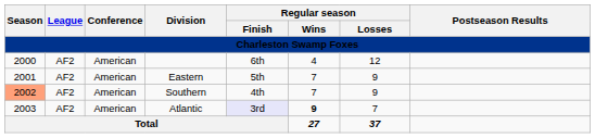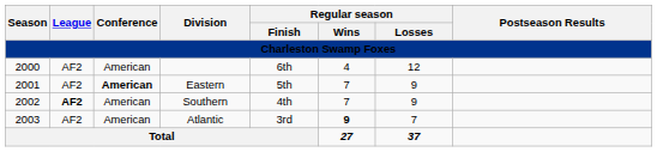 <table class="wikitable" style="font-size: 95%; width:70%;">
 <tr>
 <th rowspan="2" style="width:5%;">Season</th>
 <th rowspan="2" style="width:5%;"><a href='#'>League</a></th>
 <th rowspan="2" style="width:5%;">Conference</th>
 <th rowspan="2">Division</th>
 <th colspan="3">Regular season</th>
 <th rowspan="2">Postseason Results</th>
 </tr>
 <tr>
 <th>Finish</th>
 <th>Wins</th>
 <th>Losses</th>
 </tr>
 <tr>
 <td Colspan="8" align="center" bgcolor="#00338D"><span><strong>Charleston Swamp Foxes</strong></span></td>
 </tr>
 <tr align="center">
 <td>2000</td>
 <td>AF2</td>
 <td>American</td>
 <td></td>
 <td>6th</td>
 <td>4</td>
 <td>12</td>
 <td></td>
 </tr>
 <tr align="center">
 <td>2001</td>
 <td>AF2</td>
-<td>American</td>
+<td><strong>American</strong></td>
 <td>Eastern</td>
 <td>5th</td>
 <td>7</td>
 <td>9</td>
 <td></td>
 </tr>
 <tr align="center">
-<td style="background: lightsalmon;">2002</td>
-<td>AF2</td>
+<td>2002</td>
+<td><strong>AF2</strong></td>
 <td>American</td>
 <td>Southern</td>
 <td>4th</td>
 <td>7</td>
 <td>9</td>
 <td></td>
 </tr>
 <tr align="center">
 <td>2003</td>
 <td>AF2</td>
 <td>American</td>
 <td>Atlantic</td>
-<td style="background: lavender;">3rd</td>
+<td>3rd</td>
 <td><strong>9</strong></td>
 <td>7</td>
 <td></td>
 </tr>
 <tr>
 <th align="center" rowspan="1" colspan="5">Total</th>
 <td align="center"><strong><em>27</em></strong></td>
 <td align="center"><strong><em>37</em></strong></td>
 </tr>
 </table>
